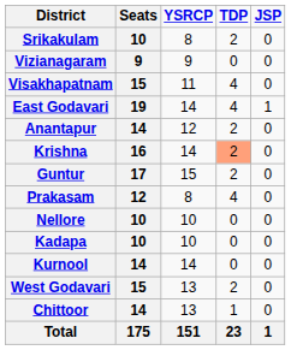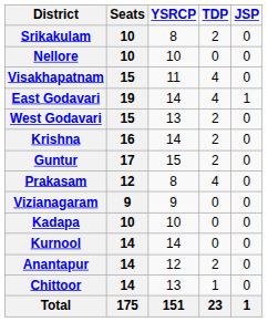 <table class="wikitable sortable" style="text-align:center;">
 <tr>
 <th>District</th>
 <th>Seats</th>
 <td><a href='#'><span><strong>YSRCP</strong></span></a></td>
 <td><a href='#'><span><strong>TDP</strong></span></a></td>
 <td><a href='#'><span><strong>JSP</strong></span></a></td>
 </tr>
 <tr>
 <th><a href='#'>Srikakulam</a></th>
 <th>10</th>
 <td style="background:">8</td>
 <td>2</td>
 <td>0</td>
 </tr>
 <tr>
-<th><a href='#'>Vizianagaram</a></th>
-<th>9</th>
-<td style="background:">9</td>
+<th><a href='#'>Nellore</a></th>
+<th>10</th>
+<td style="background:">10</td>
 <td>0</td>
 <td>0</td>
 </tr>
 <tr>
 <th><a href='#'>Visakhapatnam</a></th>
 <th>15</th>
 <td style="background:">11</td>
 <td>4</td>
 <td>0</td>
 </tr>
 <tr>
 <th><a href='#'>East Godavari</a></th>
 <th>19</th>
 <td style="background:">14</td>
 <td>4</td>
 <td>1</td>
 </tr>
 <tr>
-<th><a href='#'>Anantapur</a></th>
-<th>14</th>
-<td style="background:">12</td>
+<th><a href='#'>West Godavari</a></th>
+<th>15</th>
+<td style="background:">13</td>
 <td>2</td>
 <td>0</td>
 </tr>
 <tr>
 <th><a href='#'>Krishna</a></th>
 <th>16</th>
 <td style="background:">14</td>
-<td style="background: lightsalmon;">2</td>
+<td>2</td>
 <td>0</td>
 </tr>
 <tr>
 <th><a href='#'>Guntur</a></th>
 <th>17</th>
 <td style="background:">15</td>
 <td>2</td>
 <td>0</td>
 </tr>
 <tr>
 <th><a href='#'>Prakasam</a></th>
 <th>12</th>
 <td style="background:">8</td>
 <td>4</td>
 <td>0</td>
 </tr>
 <tr>
-<th><a href='#'>Nellore</a></th>
-<th>10</th>
-<td style="background:">10</td>
+<th><a href='#'>Vizianagaram</a></th>
+<th>9</th>
+<td style="background:">9</td>
 <td>0</td>
 <td>0</td>
 </tr>
 <tr>
 <th><a href='#'>Kadapa</a></th>
 <th>10</th>
 <td style="background:">10</td>
 <td>0</td>
 <td>0</td>
 </tr>
 <tr>
 <th><a href='#'>Kurnool</a></th>
 <th>14</th>
 <td style="background:">14</td>
 <td>0</td>
 <td>0</td>
 </tr>
 <tr>
-<th><a href='#'>West Godavari</a></th>
-<th>15</th>
-<td style="background:">13</td>
+<th><a href='#'>Anantapur</a></th>
+<th>14</th>
+<td style="background:">12</td>
 <td>2</td>
 <td>0</td>
 </tr>
 <tr>
 <th><a href='#'>Chittoor</a></th>
 <th>14</th>
 <td style="background:">13</td>
 <td>1</td>
 <td>0</td>
 </tr>
 <tr>
 <th>Total</th>
 <th>175</th>
 <th>151</th>
 <th>23</th>
 <th>1</th>
 </tr>
 </table>
